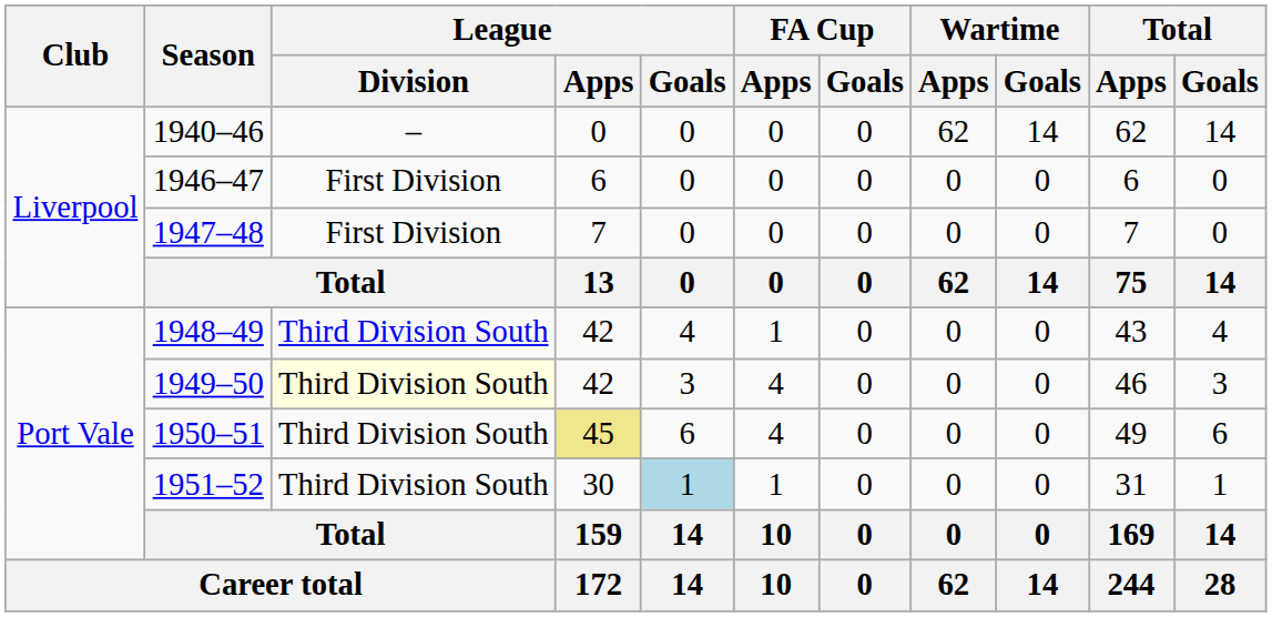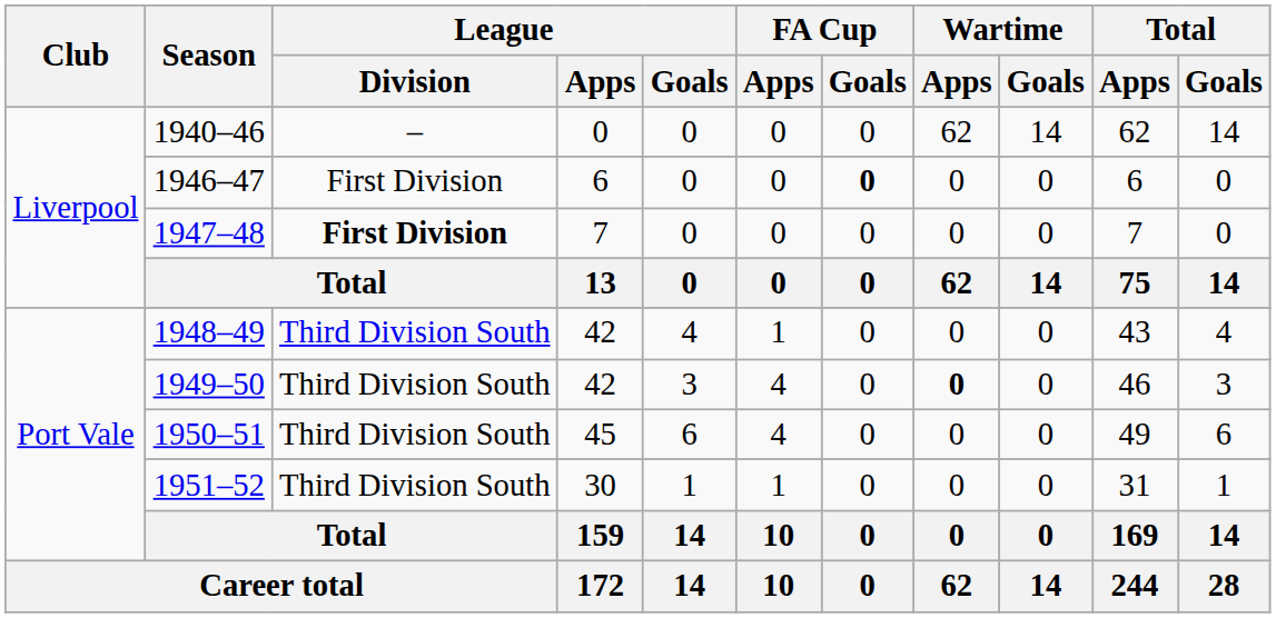 <table class="wikitable" style="text-align: center;">
 <tr>
 <th rowspan="2">Club</th>
 <th rowspan="2">Season</th>
 <th colspan="3">League</th>
 <th colspan="2">FA Cup</th>
 <th colspan="2">Wartime</th>
 <th colspan="2">Total</th>
 </tr>
 <tr>
 <th>Division</th>
 <th>Apps</th>
 <th>Goals</th>
 <th>Apps</th>
 <th>Goals</th>
 <th>Apps</th>
 <th>Goals</th>
 <th>Apps</th>
 <th>Goals</th>
 </tr>
 <tr>
 <td rowspan="4"><a href='#'>Liverpool</a></td>
 <td>1940–46</td>
 <td>–</td>
 <td>0</td>
 <td>0</td>
 <td>0</td>
 <td>0</td>
 <td>62</td>
 <td>14</td>
 <td>62</td>
 <td>14</td>
 </tr>
 <tr>
 <td>1946–47</td>
 <td>First Division</td>
 <td>6</td>
 <td>0</td>
 <td>0</td>
-<td>0</td>
+<td><strong>0</strong></td>
 <td>0</td>
 <td>0</td>
 <td>6</td>
 <td>0</td>
 </tr>
 <tr>
 <td><a href='#'>1947–48</a></td>
-<td>First Division</td>
+<td><strong>First Division</strong></td>
 <td>7</td>
 <td>0</td>
 <td>0</td>
 <td>0</td>
 <td>0</td>
 <td>0</td>
 <td>7</td>
 <td>0</td>
 </tr>
 <tr>
 <th colspan="2">Total</th>
 <th>13</th>
 <th>0</th>
 <th>0</th>
 <th>0</th>
 <th>62</th>
 <th>14</th>
 <th>75</th>
 <th>14</th>
 </tr>
 <tr>
 <td rowspan="5"><a href='#'>Port Vale</a></td>
 <td><a href='#'>1948–49</a></td>
 <td><a href='#'>Third Division South</a></td>
 <td>42</td>
 <td>4</td>
 <td>1</td>
 <td>0</td>
 <td>0</td>
 <td>0</td>
 <td>43</td>
 <td>4</td>
 </tr>
 <tr>
 <td><a href='#'>1949–50</a></td>
-<td style="background: lightyellow;">Third Division South</td>
+<td>Third Division South</td>
 <td>42</td>
 <td>3</td>
 <td>4</td>
 <td>0</td>
-<td>0</td>
+<td><strong>0</strong></td>
 <td>0</td>
 <td>46</td>
 <td>3</td>
 </tr>
 <tr>
 <td><a href='#'>1950–51</a></td>
 <td>Third Division South</td>
-<td style="background: khaki;">45</td>
+<td>45</td>
 <td>6</td>
 <td>4</td>
 <td>0</td>
 <td>0</td>
 <td>0</td>
 <td>49</td>
 <td>6</td>
 </tr>
 <tr>
 <td><a href='#'>1951–52</a></td>
 <td>Third Division South</td>
 <td>30</td>
-<td style="background: lightblue;">1</td>
+<td>1</td>
 <td>1</td>
 <td>0</td>
 <td>0</td>
 <td>0</td>
 <td>31</td>
 <td>1</td>
 </tr>
 <tr>
 <th colspan="2">Total</th>
 <th>159</th>
 <th>14</th>
 <th>10</th>
 <th>0</th>
 <th>0</th>
 <th>0</th>
 <th>169</th>
 <th>14</th>
 </tr>
 <tr>
 <th colspan="3">Career total</th>
 <th>172</th>
 <th>14</th>
 <th>10</th>
 <th>0</th>
 <th>62</th>
 <th>14</th>
 <th>244</th>
 <th>28</th>
 </tr>
 </table>
